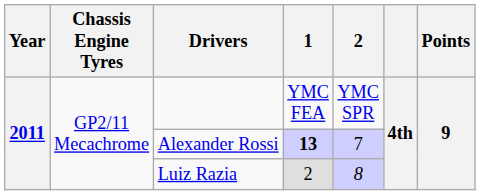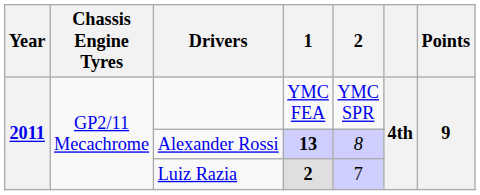 <table class="wikitable" style="text-align:center; font-size:85%;">
 <tr>
 <th>Year</th>
 <th>Chassis<br>Engine<br>Tyres</th>
 <th>Drivers</th>
 <th>1</th>
 <th>2</th>
 <th></th>
 <th>Points</th>
 </tr>
 <tr>
 <th rowspan=3><a href='#'>2011</a></th>
 <td rowspan=3><a href='#'>GP2/11</a><br><a href='#'>Mecachrome</a><br></td>
 <td></td>
 <td><a href='#'>YMC<br>FEA</a></td>
 <td><a href='#'>YMC<br>SPR</a></td>
 <th rowspan=3>4th</th>
 <th rowspan=3>9</th>
 </tr>
 <tr>
 <td align=left> <a href='#'>Alexander Rossi</a></td>
 <td bgcolor="#CFCFFF"><strong>13</strong></td>
-<td bgcolor="#CFCFFF">7</td>
+<td bgcolor="#CFCFFF"><em>8</em></td>
 </tr>
 <tr>
 <td align=left> <a href='#'>Luiz Razia</a></td>
-<td bgcolor="#DFDFDF">2</td>
-<td bgcolor="#CFCFFF"><em>8</em></td>
+<td bgcolor="#DFDFDF"><strong>2</strong></td>
+<td bgcolor="#CFCFFF">7</td>
 </tr>
 </table>
